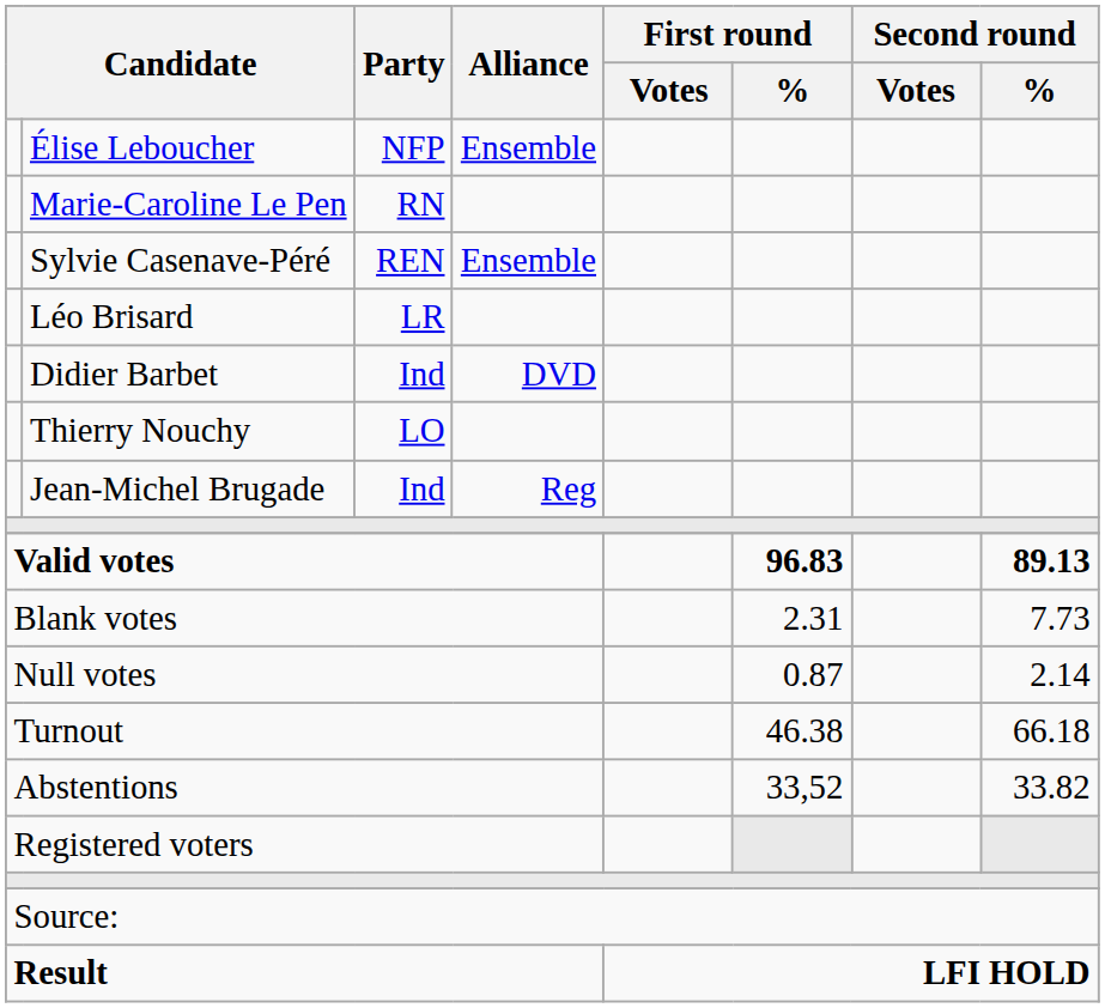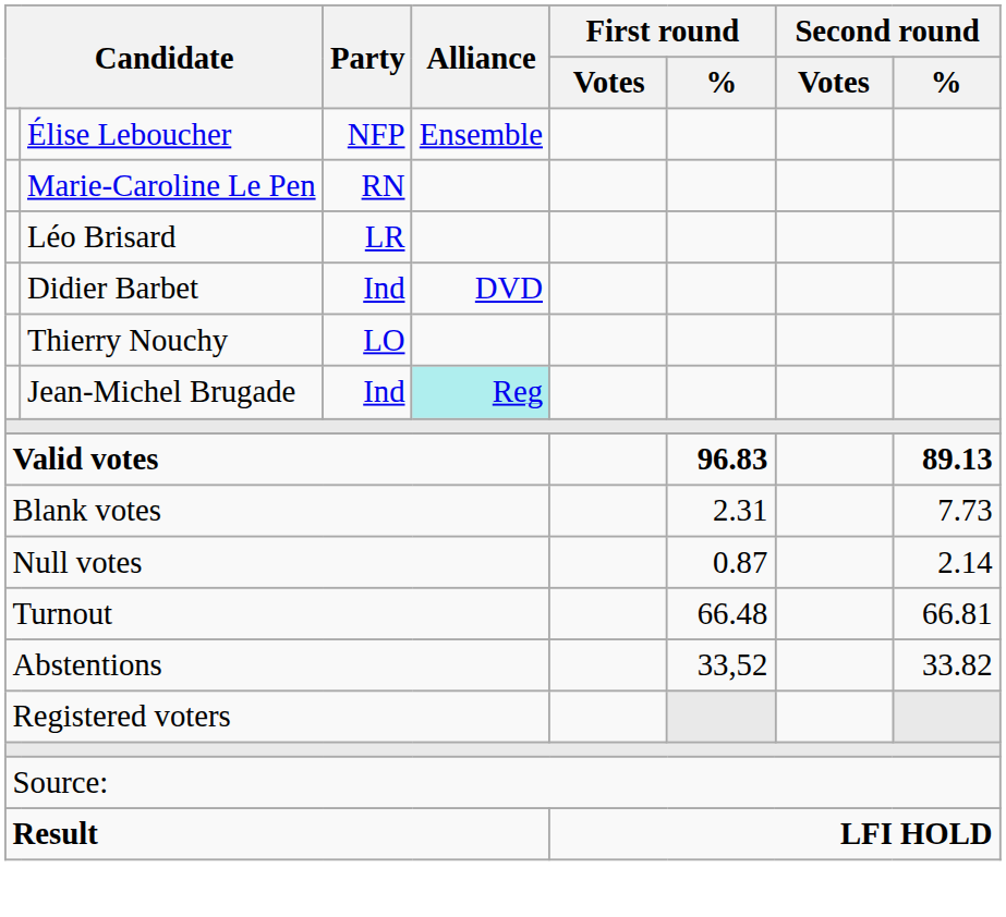 <table class="wikitable" style="text-align:right;font-size:95%;">
 <tr>
 <th colspan="2" rowspan="2">Candidate</th>
 <th colspan="1" rowspan="2">Party</th>
 <th colspan="1" rowspan="2">Alliance</th>
 <th colspan="2">First round</th>
 <th colspan="2">Second round</th>
 </tr>
 <tr>
 <th style="width:50px;">Votes</th>
 <th style="width:45px;">%</th>
 <th style="width:50px;">Votes</th>
 <th style="width:45px;">%</th>
 </tr>
 <tr>
 <td style="color:inherit;background:"></td>
 <td style="text-align:left;"><a href='#'>Élise Leboucher</a></td>
 <td><a href='#'>NFP</a></td>
 <td><a href='#'>Ensemble</a></td>
 <td><strong></strong></td>
 <td><strong></strong></td>
 <td><strong></strong></td>
 <td><strong></strong></td>
 </tr>
 <tr>
 <td style="color:inherit;background:"></td>
 <td style="text-align:left;"><a href='#'>Marie-Caroline Le Pen</a></td>
 <td><a href='#'>RN</a></td>
 <td></td>
 <td><strong></strong></td>
 <td><strong></strong></td>
-<td></td>
-<td></td>
-</tr>
-<tr>
-<td style="color:inherit;background:"></td>
-<td style="text-align:left;">Sylvie Casenave-Péré</td>
-<td><a href='#'>REN</a></td>
-<td><a href='#'>Ensemble</a></td>
-<td></td>
-<td></td>
 <td></td>
 <td></td>
 </tr>
 <tr>
 <td style="color:inherit;background:"></td>
 <td style="text-align:left;">Léo Brisard</td>
 <td><a href='#'>LR</a></td>
 <td></td>
 <td></td>
 <td></td>
 <td></td>
 <td></td>
 </tr>
 <tr>
 <td style="color:inherit;background:"></td>
 <td style="text-align:left;">Didier Barbet</td>
 <td><a href='#'>Ind</a></td>
 <td><a href='#'>DVD</a></td>
 <td></td>
 <td></td>
 <td></td>
 <td></td>
 </tr>
 <tr>
 <td style="color:inherit;background:"></td>
 <td style="text-align:left;">Thierry Nouchy</td>
 <td><a href='#'>LO</a></td>
 <td></td>
 <td></td>
 <td></td>
 <td></td>
 <td></td>
 </tr>
 <tr>
 <td style="color:inherit;background:"></td>
 <td style="text-align:left;">Jean-Michel Brugade</td>
 <td><a href='#'>Ind</a></td>
-<td><a href='#'>Reg</a></td>
+<td style="background: paleturquoise;"><a href='#'>Reg</a></td>
 <td></td>
 <td></td>
 <td></td>
 <td></td>
 </tr>
 <tr>
 <td colspan="8" style="background:#E9E9E9;"></td>
 </tr>
 <tr>
 </tr>
 <tr style="font-weight:bold;">
 <td colspan="4" style="text-align:left;">Valid votes</td>
 <td></td>
 <td>96.83</td>
 <td></td>
 <td>89.13</td>
 </tr>
 <tr>
 <td colspan="4" style="text-align:left;">Blank votes</td>
 <td></td>
 <td>2.31</td>
 <td></td>
 <td>7.73</td>
 </tr>
 <tr>
 <td colspan="4" style="text-align:left;">Null votes</td>
 <td></td>
 <td>0.87</td>
 <td></td>
 <td>2.14</td>
 </tr>
 <tr>
 <td colspan="4" style="text-align:left;">Turnout</td>
 <td></td>
-<td>46.38</td>
+<td>66.48</td>
 <td></td>
-<td>66.18</td>
+<td>66.81</td>
 </tr>
 <tr>
 <td colspan="4" style="text-align:left;">Abstentions</td>
 <td></td>
 <td>33,52</td>
 <td></td>
 <td>33.82</td>
 </tr>
 <tr>
 <td colspan="4" style="text-align:left;">Registered voters</td>
 <td></td>
 <td style="background:#E9E9E9;"></td>
 <td></td>
 <td style="background:#E9E9E9;"></td>
 </tr>
 <tr>
 <td colspan="8" style="background:#E9E9E9;"></td>
 </tr>
 <tr>
 <td colspan="8" style="text-align:left;">Source: </td>
 </tr>
 <tr style="font-weight:bold">
 <td colspan="4" style="text-align:left;">Result</td>
 <td colspan="4" style="background-color:">LFI HOLD</td>
 </tr>
 </table>
